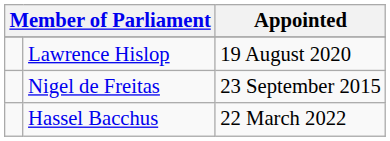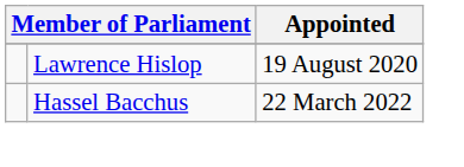 <table class="wikitable sortable mw-collapsible">
 <tr>
 <th colspan="2"><a href='#'>Member of Parliament</a></th>
 <th>Appointed</th>
 </tr>
 <tr>
 </tr>
 <tr>
 </tr>
 <tr>
 <td style="background:"> </td>
 <td><a href='#'>Lawrence Hislop</a></td>
 <td>19 August 2020</td>
 </tr>
 <tr>
 <td style="background:"> </td>
-<td><a href='#'>Nigel de Freitas</a></td>
-<td>23 September 2015</td>
-</tr>
-<tr>
-<td style="background:"> </td>
 <td><a href='#'>Hassel Bacchus</a></td>
 <td>22 March 2022</td>
 </tr>
 </table>
